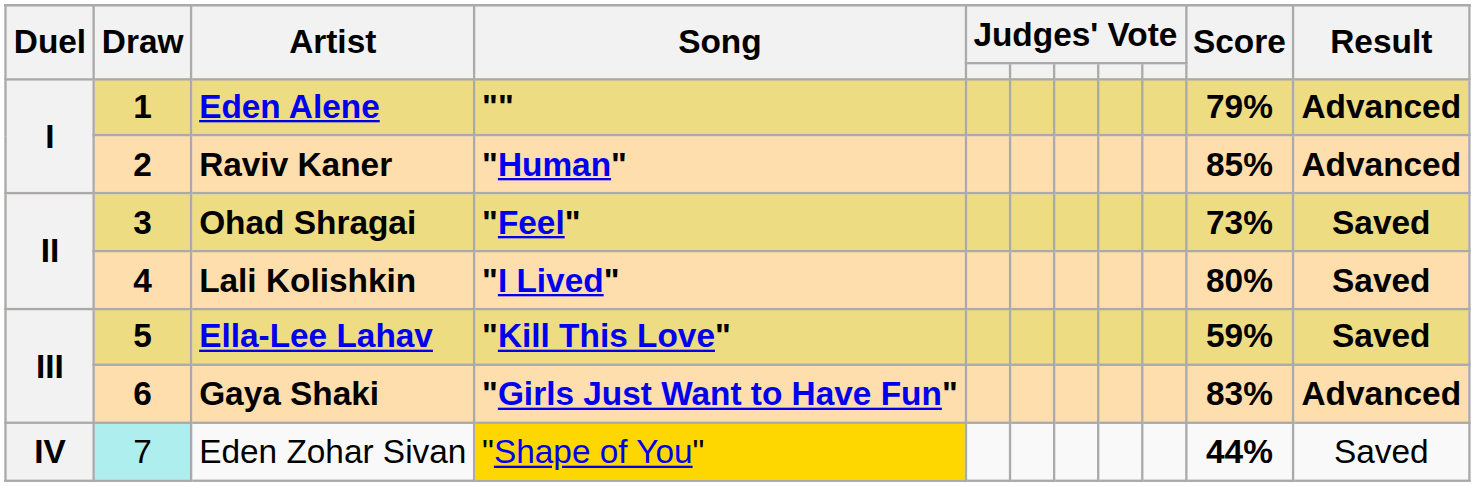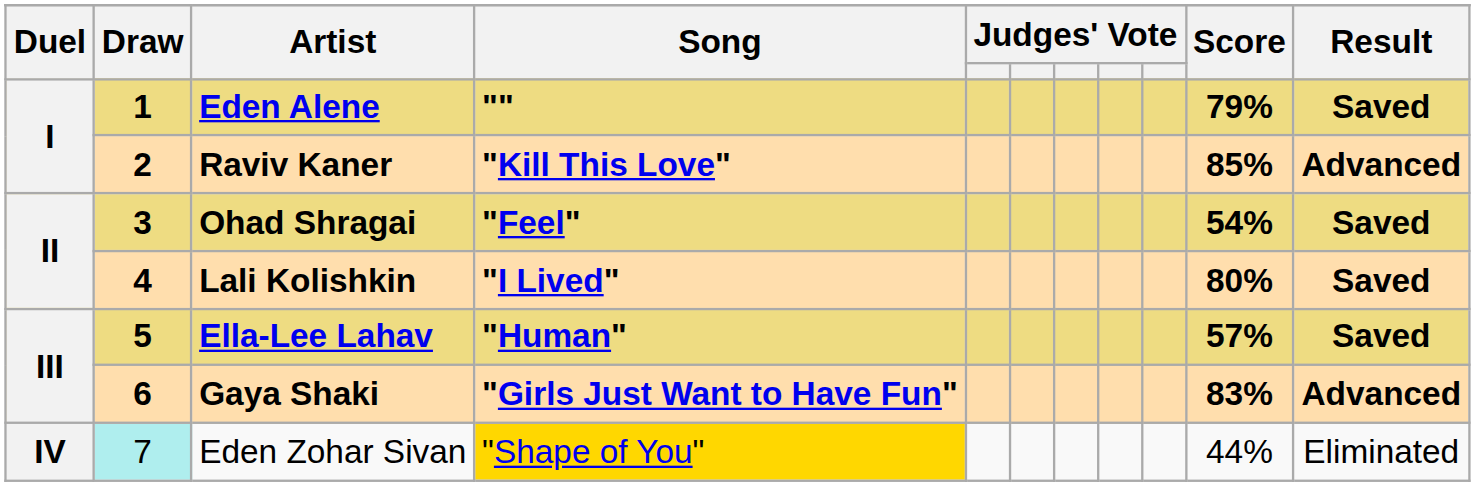 <table class="sortable wikitable" style="margin: 1em auto 1em auto; text-align:center; font-size:90%; line-height:18px;">
 <tr>
 </tr>
 <tr>
 <th rowspan="2" class="unsortable">Duel</th>
 <th rowspan="2">Draw</th>
 <th rowspan="2">Artist</th>
 <th rowspan="2">Song</th>
 <th colspan="5" class="unsortable">Judges' Vote</th>
 <th rowspan="2">Score</th>
 <th rowspan="2">Result</th>
 </tr>
 <tr>
 <th class="unsortable"></th>
 <th class="unsortable"></th>
 <th class="unsortable"></th>
 <th class="unsortable"></th>
 <th class="unsortable"></th>
 </tr>
 <tr style="font-weight:bold; background:#eedc82;">
 <th rowspan="2">I</th>
 <td>1</td>
 <td align="left"><a href='#'>Eden Alene</a></td>
 <td align="left">""</td>
 <td></td>
 <td></td>
 <td></td>
 <td></td>
 <td></td>
 <td>79%</td>
-<td>Advanced</td>
+<td>Saved</td>
 </tr>
 <tr style="font-weight:bold; background:navajowhite;">
 <td>2</td>
 <td align="left">Raviv Kaner</td>
-<td align="left">"<a href='#'>Human</a>"</td>
+<td align="left">"<a href='#'>Kill This Love</a>"</td>
 <td></td>
 <td></td>
 <td></td>
 <td></td>
 <td></td>
 <td>85%</td>
 <td>Advanced</td>
 </tr>
 <tr style="font-weight:bold; background:#eedc82;">
 <th rowspan="2">II</th>
 <td>3</td>
 <td align="left">Ohad Shragai</td>
 <td align="left">"<a href='#'>Feel</a>"</td>
 <td></td>
 <td></td>
 <td></td>
 <td></td>
 <td></td>
-<td>73%</td>
+<td>54%</td>
 <td>Saved</td>
 </tr>
 <tr style="font-weight:bold; background:navajowhite;">
 <td>4</td>
 <td align="left">Lali Kolishkin</td>
 <td align="left">"<a href='#'>I Lived</a>"</td>
 <td></td>
 <td></td>
 <td></td>
 <td></td>
 <td></td>
 <td>80%</td>
 <td>Saved</td>
 </tr>
 <tr style="font-weight:bold; background:#eedc82;">
 <th rowspan="2">III</th>
 <td>5</td>
 <td align="left"><a href='#'>Ella-Lee Lahav</a></td>
-<td align="left">"<a href='#'>Kill This Love</a>"</td>
+<td align="left">"<a href='#'>Human</a>"</td>
 <td></td>
 <td></td>
 <td></td>
 <td></td>
 <td></td>
-<td>59%</td>
+<td>57%</td>
 <td>Saved</td>
 </tr>
 <tr style="font-weight:bold; background:navajowhite;">
 <td>6</td>
 <td align="left">Gaya Shaki</td>
 <td align="left">"<a href='#'>Girls Just Want to Have Fun</a>"</td>
 <td></td>
 <td></td>
 <td></td>
 <td></td>
 <td></td>
 <td>83%</td>
 <td>Advanced</td>
 </tr>
 <tr>
 <th>IV</th>
 <td style="background: paleturquoise;">7</td>
 <td align="left">Eden Zohar Sivan</td>
 <td align="left" style="background: gold;">"<a href='#'>Shape of You</a>"</td>
 <td></td>
 <td></td>
 <td></td>
 <td></td>
 <td></td>
-<td><strong>44%</strong></td>
-<td>Saved</td>
+<td>44%</td>
+<td>Eliminated</td>
 </tr>
 </table>
